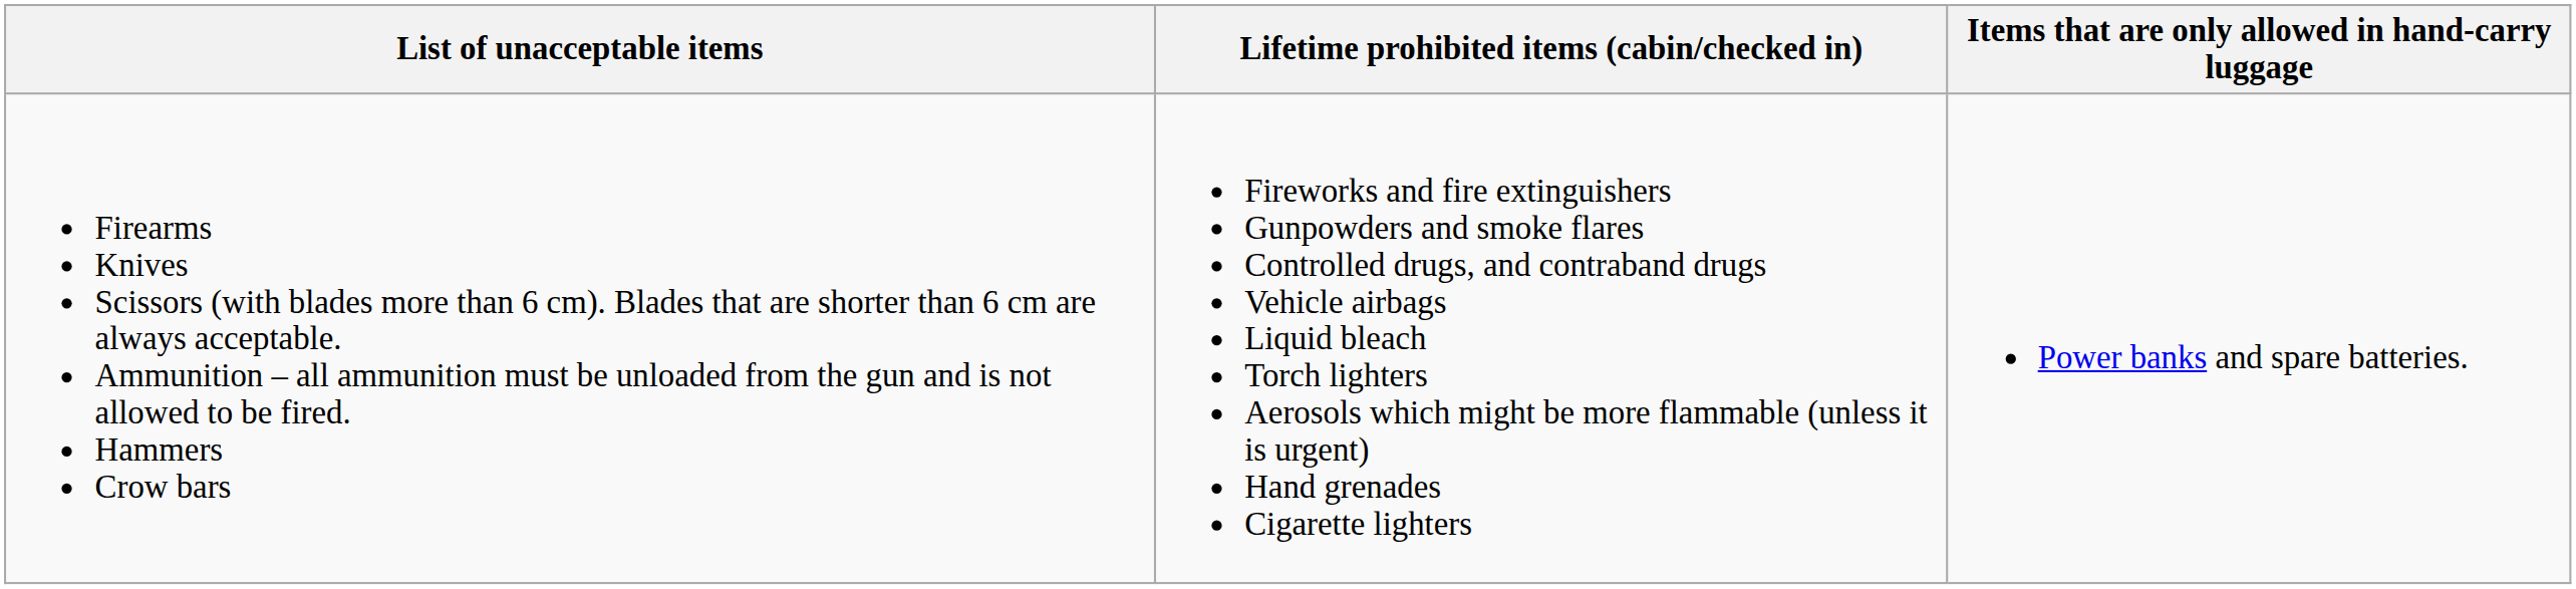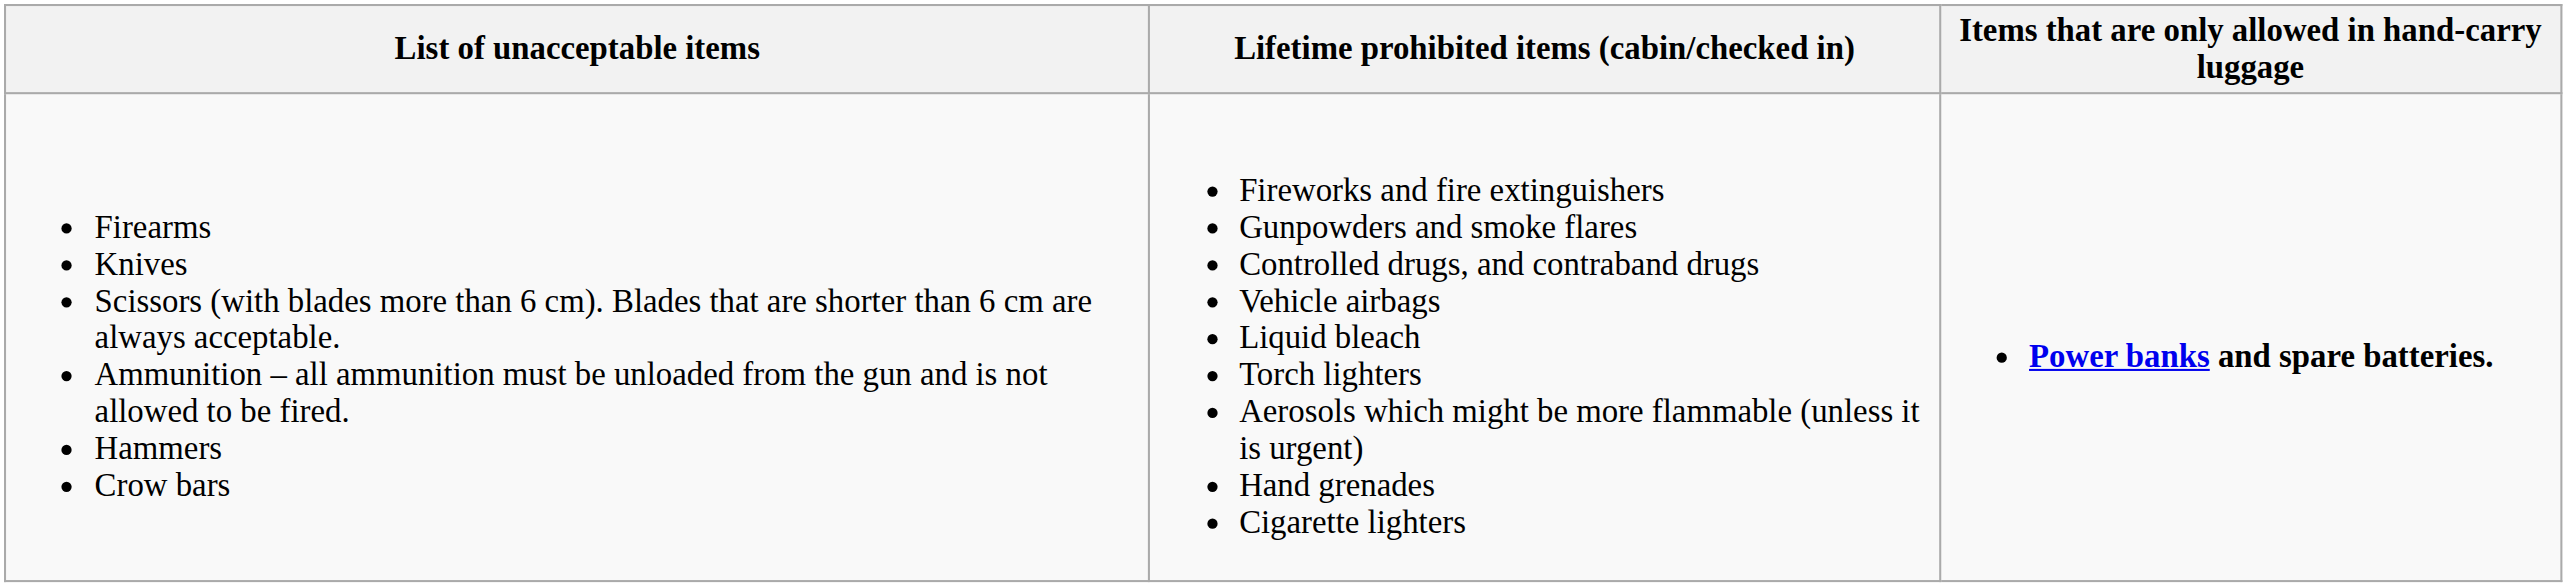 <table class="wikitable">
 <tr>
 <th>List of unacceptable items</th>
 <th>Lifetime prohibited items (cabin/checked in)</th>
 <th>Items that are only allowed in hand-carry luggage</th>
 </tr>
 <tr>
 <td><br><ul><li>Firearms</li><li>Knives</li><li>Scissors (with blades more than 6 cm). Blades that are shorter than 6 cm are always acceptable.</li><li>Ammunition – all ammunition must be unloaded from the gun and is not allowed to be fired.</li><li>Hammers</li><li>Crow bars</li></ul></td>
 <td><br><ul><li>Fireworks and fire extinguishers</li><li>Gunpowders and smoke flares</li><li>Controlled drugs, and contraband drugs</li><li>Vehicle airbags</li><li>Liquid bleach</li><li>Torch lighters</li><li>Aerosols which might be more flammable (unless it is urgent)</li><li>Hand grenades</li><li>Cigarette lighters</li></ul></td>
-<td><br><ul><li><a href='#'>Power banks</a> and spare batteries.</li></ul></td>
+<td><strong><br><ul><li><a href='#'>Power banks</a> and spare batteries.</li></ul></strong></td>
 </tr>
 </table>
